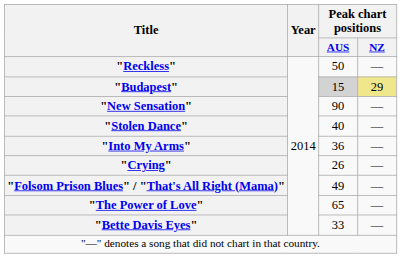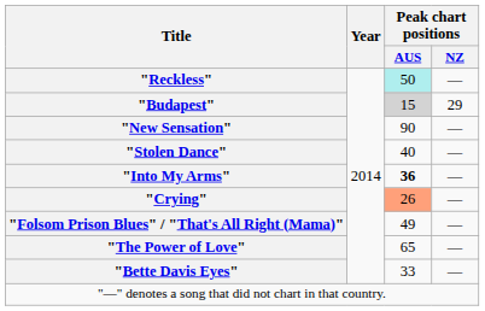 <table class="wikitable plainrowheaders" style="text-align:center;">
 <tr>
 <th scope="col" rowspan="2">Title</th>
 <th scope="col" rowspan="2">Year</th>
 <th scope="col" colspan="2">Peak chart positions</th>
 </tr>
 <tr>
 <th scope="col" style="width:3em;font-size:90%;"><a href='#'>AUS</a><br></th>
 <th scope="col" style="width:3em;font-size:90%;"><a href='#'>NZ</a><br></th>
 </tr>
 <tr>
 <th scope="row">"<a href='#'>Reckless</a>"</th>
 <td rowspan="9">2014</td>
-<td>50</td>
+<td style="background: paleturquoise;">50</td>
 <td>—</td>
 </tr>
 <tr>
 <th scope="row">"<a href='#'>Budapest</a>"</th>
 <td style="background: lightgrey;">15</td>
-<td style="background: khaki;">29</td>
+<td>29</td>
 </tr>
 <tr>
 <th scope="row">"<a href='#'>New Sensation</a>"</th>
 <td>90</td>
 <td>—</td>
 </tr>
 <tr>
 <th scope="row">"<a href='#'>Stolen Dance</a>"</th>
 <td>40</td>
 <td>—</td>
 </tr>
 <tr>
 <th scope="row">"<a href='#'>Into My Arms</a>"</th>
-<td>36</td>
+<td><strong>36</strong></td>
 <td>—</td>
 </tr>
 <tr>
 <th scope="row">"<a href='#'>Crying</a>"</th>
-<td>26</td>
+<td style="background: lightsalmon;">26</td>
 <td>—</td>
 </tr>
 <tr>
 <th scope="row">"<a href='#'>Folsom Prison Blues</a>" / "<a href='#'>That's All Right (Mama)</a>"</th>
 <td>49</td>
 <td>—</td>
 </tr>
 <tr>
 <th scope="row">"<a href='#'>The Power of Love</a>"</th>
 <td>65</td>
 <td>—</td>
 </tr>
 <tr>
 <th scope="row">"<a href='#'>Bette Davis Eyes</a>"</th>
 <td>33</td>
 <td>—</td>
 </tr>
 <tr>
 <td colspan="4" style="font-size:90%">"—" denotes a song that did not chart in that country.</td>
 </tr>
 </table>
